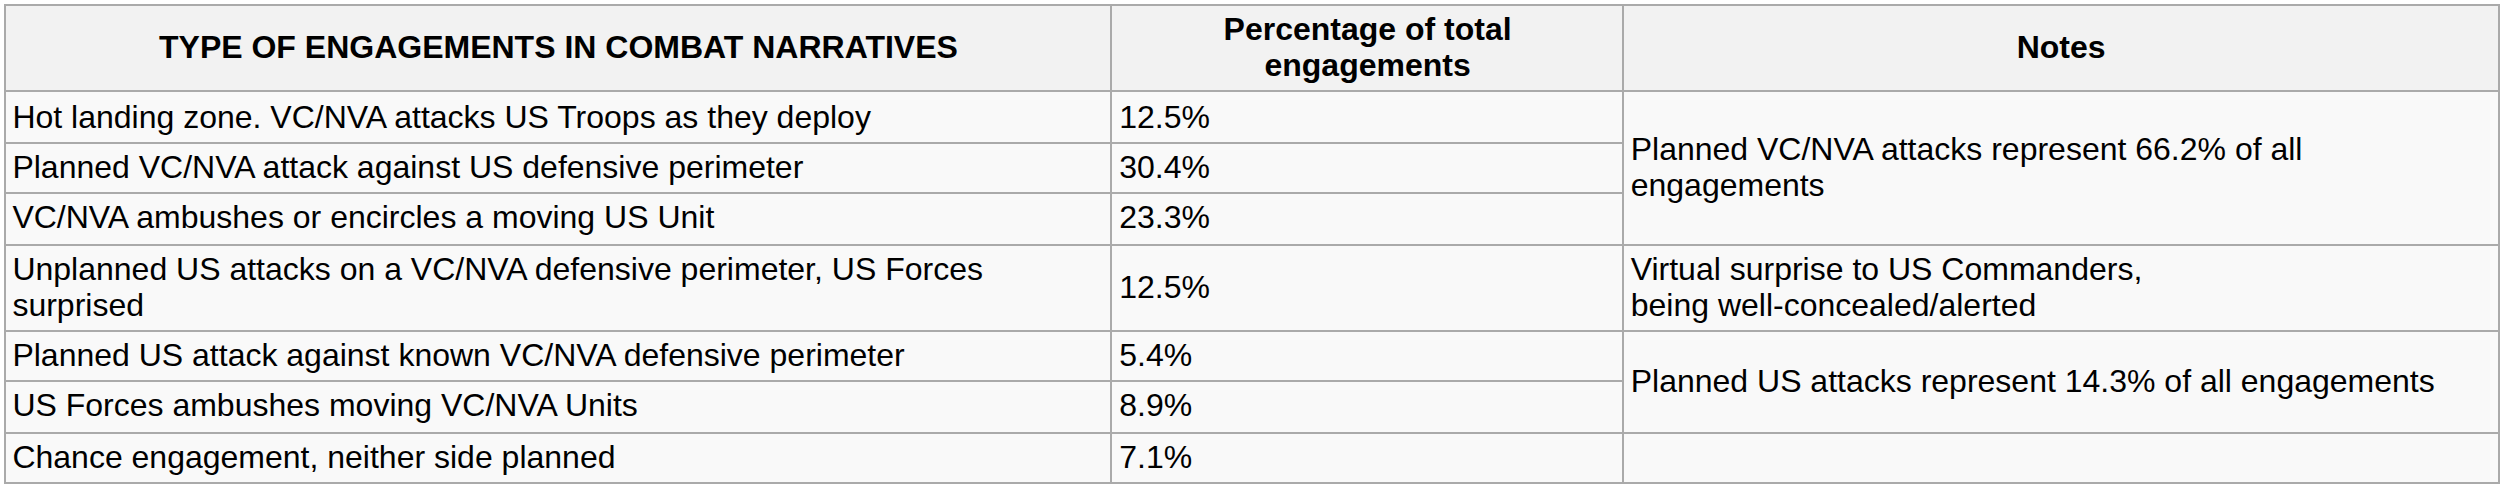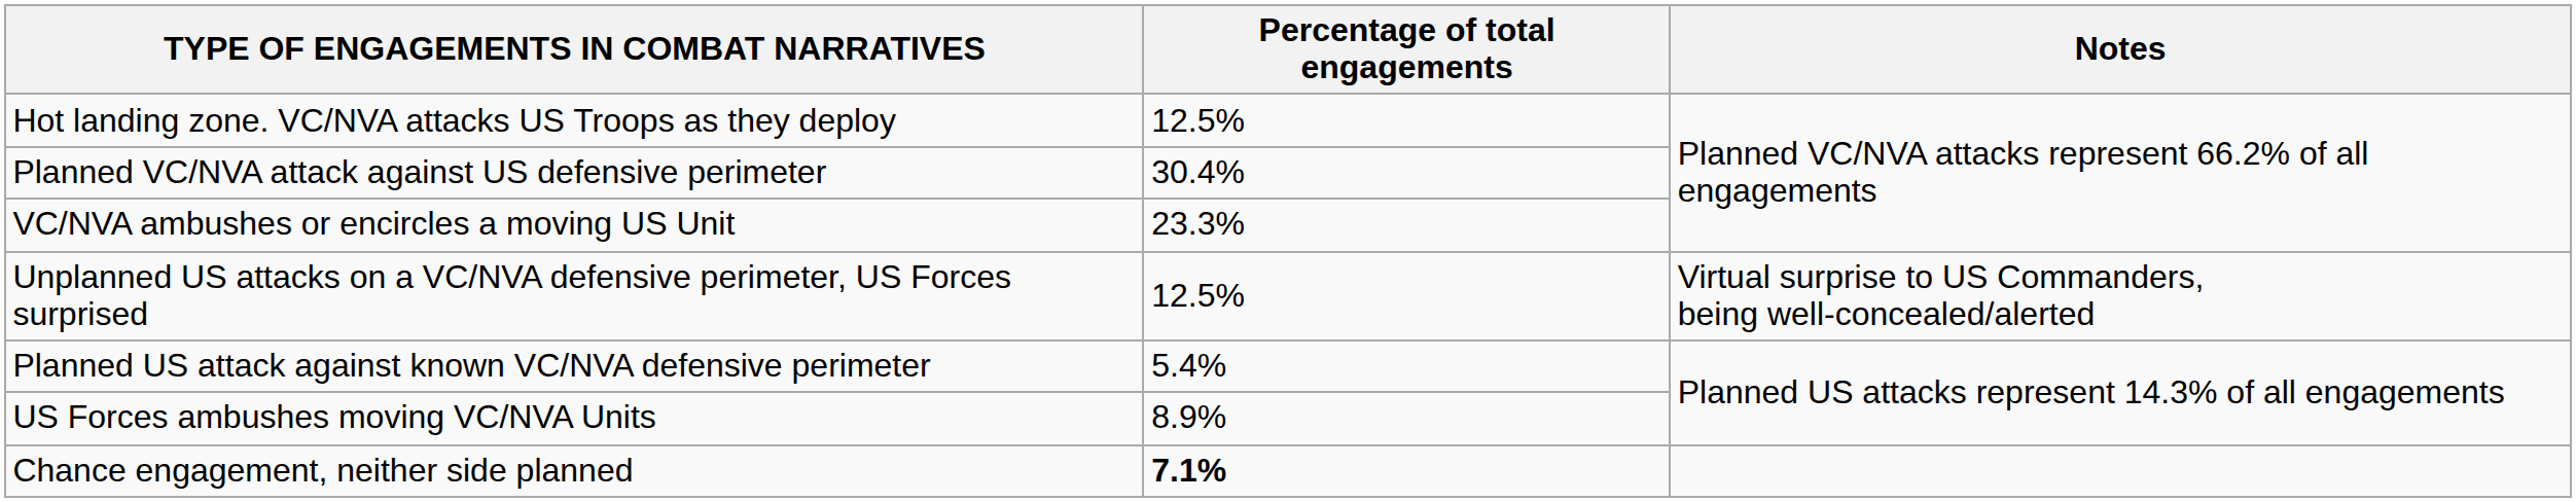 <table class="wikitable">
 <tr>
 <th>TYPE OF ENGAGEMENTS IN COMBAT NARRATIVES</th>
 <th>Percentage of total engagements</th>
 <th>Notes</th>
 </tr>
 <tr>
 <td>Hot landing zone. VC/NVA attacks US Troops as they deploy</td>
 <td>12.5%</td>
 <td rowspan="3">Planned VC/NVA attacks represent 66.2% of all engagements</td>
 </tr>
 <tr>
 <td>Planned VC/NVA attack against US defensive perimeter</td>
 <td>30.4%</td>
 </tr>
 <tr>
 <td>VC/NVA ambushes or encircles a moving US Unit</td>
 <td>23.3%</td>
 </tr>
 <tr>
 <td>Unplanned US attacks on a VC/NVA defensive perimeter, US Forces surprised</td>
 <td>12.5%</td>
 <td>Virtual surprise to US Commanders,<br>being well-concealed/alerted</td>
 </tr>
 <tr>
 <td>Planned US attack against known VC/NVA defensive perimeter</td>
 <td>5.4%</td>
 <td rowspan="2">Planned US attacks represent 14.3% of all engagements</td>
 </tr>
 <tr>
 <td>US Forces ambushes moving VC/NVA Units</td>
 <td>8.9%</td>
 </tr>
 <tr>
 <td>Chance engagement, neither side planned</td>
-<td>7.1%</td>
+<td><strong>7.1%</strong></td>
 <td></td>
 </tr>
 </table>
